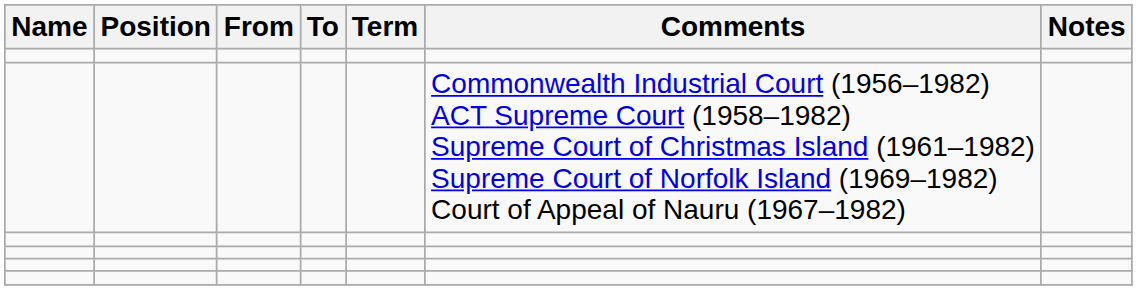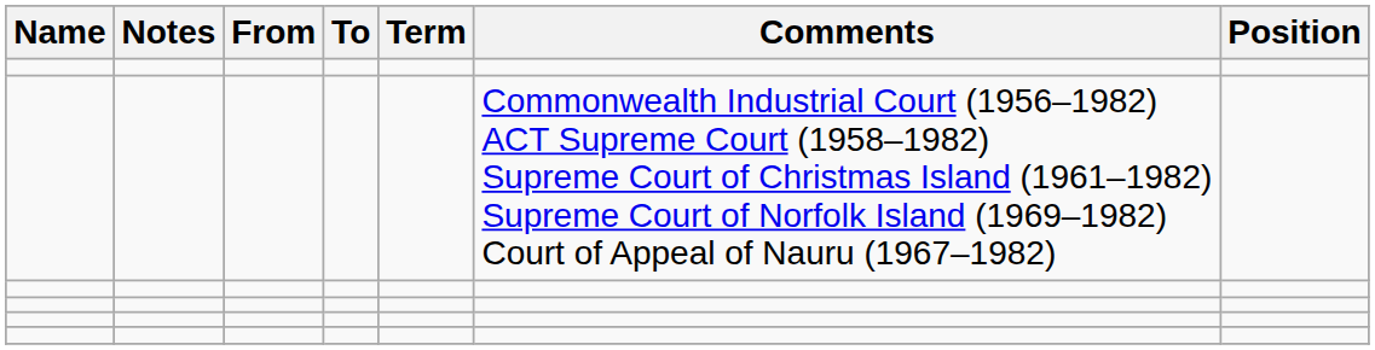 <table class="wikitable sortable" border="1" ||>
 <tr>
 <th>Name</th>
-<th>Position</th>
+<th class="unsortable">Notes</th>
 <th>From</th>
 <th>To</th>
 <th>Term</th>
 <th>Comments</th>
-<th class="unsortable">Notes</th>
+<th>Position</th>
 </tr>
 <tr>
 <td></td>
 <td></td>
 <td align=center></td>
 <td align=center></td>
 <td align=center></td>
 <td></td>
 <td></td>
 </tr>
 <tr>
 <td></td>
 <td></td>
 <td align=center></td>
 <td align=center></td>
 <td align=center></td>
 <td><a href='#'>Commonwealth Industrial Court</a> (1956–1982)<br><a href='#'>ACT Supreme Court</a> (1958–1982)<br><a href='#'>Supreme Court of Christmas Island</a> (1961–1982)<br><a href='#'>Supreme Court of Norfolk Island</a> (1969–1982)<br>Court of Appeal of Nauru (1967–1982)</td>
 <td></td>
 </tr>
 <tr>
 <td></td>
 <td></td>
 <td align=center></td>
 <td align=center></td>
 <td align=center></td>
 <td></td>
 <td></td>
 </tr>
 <tr>
 <td></td>
 <td></td>
 <td align=center></td>
 <td align=center></td>
 <td align=center></td>
 <td></td>
 <td></td>
 </tr>
 <tr>
 <td></td>
 <td></td>
 <td align=center></td>
 <td align=center></td>
 <td align=center></td>
 <td></td>
 <td></td>
 </tr>
 <tr>
 <td></td>
 <td></td>
 <td align=center></td>
 <td align=center></td>
 <td align=center></td>
 <td></td>
 <td></td>
 </tr>
 </table>
